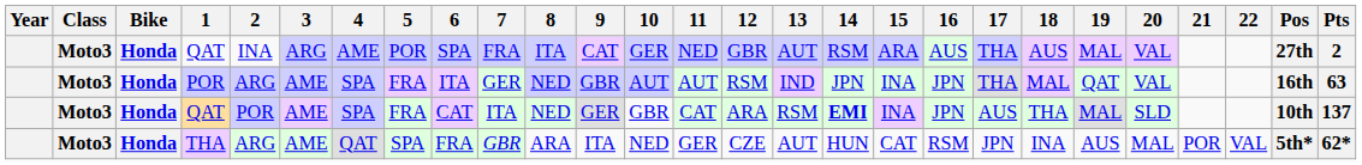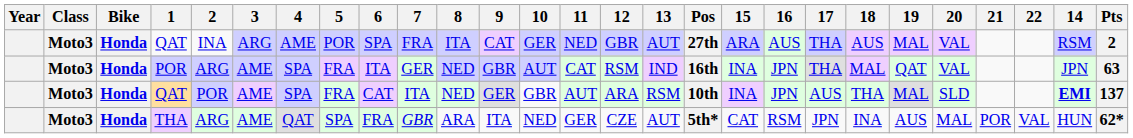 <table class="wikitable" style="text-align:center;">
 <tr>
 <th>Year</th>
 <th>Class</th>
 <th>Bike</th>
 <th>1</th>
 <th>2</th>
 <th>3</th>
 <th>4</th>
 <th>5</th>
 <th>6</th>
 <th>7</th>
 <th>8</th>
 <th>9</th>
 <th>10</th>
 <th>11</th>
 <th>12</th>
 <th>13</th>
-<th>14</th>
+<th>Pos</th>
 <th>15</th>
 <th>16</th>
 <th>17</th>
 <th>18</th>
 <th>19</th>
 <th>20</th>
 <th>21</th>
 <th>22</th>
-<th>Pos</th>
+<th>14</th>
 <th>Pts</th>
 </tr>
 <tr>
 <th></th>
 <th>Moto3</th>
 <th><a href='#'>Honda</a></th>
 <td><a href='#'>QAT</a></td>
 <td><a href='#'>INA</a></td>
 <td style="background:#CFCFFF;"><a href='#'>ARG</a><br></td>
 <td style="background:#CFCFFF;"><a href='#'>AME</a><br></td>
 <td style="background:#CFCFFF;"><a href='#'>POR</a><br></td>
 <td style="background:#CFCFFF;"><a href='#'>SPA</a><br></td>
 <td style="background:#CFCFFF;"><a href='#'>FRA</a><br></td>
 <td style="background:#CFCFFF;"><a href='#'>ITA</a><br></td>
 <td style="background:#EFCFFF;"><a href='#'>CAT</a><br></td>
 <td style="background:#CFCFFF;"><a href='#'>GER</a><br></td>
 <td style="background:#CFCFFF;"><a href='#'>NED</a><br></td>
 <td style="background:#CFCFFF;"><a href='#'>GBR</a><br></td>
 <td style="background:#CFCFFF;"><a href='#'>AUT</a><br></td>
-<td style="background:#CFCFFF;"><a href='#'>RSM</a><br></td>
+<th>27th</th>
 <td style="background:#CFCFFF;"><a href='#'>ARA</a><br></td>
 <td style="background:#DFFFDF;"><a href='#'>AUS</a><br></td>
 <td style="background:#CFCFFF;"><a href='#'>THA</a><br></td>
 <td style="background:#EFCFFF;"><a href='#'>AUS</a><br></td>
 <td style="background:#EFCFFF;"><a href='#'>MAL</a><br></td>
 <td style="background:#EFCFFF;"><a href='#'>VAL</a><br></td>
 <td></td>
 <td></td>
-<th>27th</th>
+<td style="background:#CFCFFF;"><a href='#'>RSM</a><br></td>
 <th>2</th>
 </tr>
 <tr>
 <th></th>
 <th>Moto3</th>
 <th><a href='#'>Honda</a></th>
 <td style="background:#CFCFFF;"><a href='#'>POR</a><br></td>
 <td style="background:#CFCFFF;"><a href='#'>ARG</a><br></td>
 <td style="background:#CFCFFF;"><a href='#'>AME</a><br></td>
 <td style="background:#CFCFFF;"><a href='#'>SPA</a><br></td>
 <td style="background:#EFCFFF;"><a href='#'>FRA</a><br></td>
 <td style="background:#EFCFFF;"><a href='#'>ITA</a><br></td>
 <td style="background:#DFFFDF;"><a href='#'>GER</a><br></td>
 <td style="background:#CFCFFF;"><a href='#'>NED</a><br></td>
 <td style="background:#CFCFFF;"><a href='#'>GBR</a><br></td>
 <td style="background:#CFCFFF;"><a href='#'>AUT</a><br></td>
-<td style="background:#DFFFDF;"><a href='#'>AUT</a><br></td>
+<td style="background:#DFFFDF;"><a href='#'>CAT</a><br></td>
 <td style="background:#DFFFDF;"><a href='#'>RSM</a><br></td>
 <td style="background:#EFCFFF;"><a href='#'>IND</a><br></td>
-<td style="background:#DFFFDF;"><a href='#'>JPN</a><br></td>
+<th>16th</th>
 <td style="background:#DFFFDF;"><a href='#'>INA</a><br></td>
 <td style="background:#DFFFDF;"><a href='#'>JPN</a><br></td>
 <td style="background:#DFDFDF;"><a href='#'>THA</a><br></td>
 <td style="background:#EFCFFF;"><a href='#'>MAL</a><br></td>
 <td style="background:#DFFFDF;"><a href='#'>QAT</a><br></td>
 <td style="background:#DFFFDF;"><a href='#'>VAL</a><br></td>
 <td></td>
 <td></td>
-<th>16th</th>
+<td style="background:#DFFFDF;"><a href='#'>JPN</a><br></td>
 <th>63</th>
 </tr>
 <tr>
 <th></th>
 <th>Moto3</th>
 <th><a href='#'>Honda</a></th>
 <td style="background:#FFDF9F;"><a href='#'>QAT</a><br></td>
 <td style="background:#CFCFFF;"><a href='#'>POR</a><br></td>
 <td style="background:#EFCFFF;"><a href='#'>AME</a><br></td>
 <td style="background:#CFCFFF;"><a href='#'>SPA</a><br></td>
 <td style="background:#DFFFDF;"><a href='#'>FRA</a><br></td>
 <td style="background:#EFCFFF;"><a href='#'>CAT</a><br></td>
 <td style="background:#DFFFDF;"><a href='#'>ITA</a><br></td>
 <td style="background:#DFFFDF;"><a href='#'>NED</a><br></td>
 <td style="background:#DFDFDF;"><a href='#'>GER</a><br></td>
 <td><a href='#'>GBR</a></td>
-<td style="background:#DFFFDF;"><a href='#'>CAT</a><br></td>
+<td style="background:#DFFFDF;"><a href='#'>AUT</a><br></td>
 <td style="background:#DFFFDF;"><a href='#'>ARA</a><br></td>
 <td style="background:#DFFFDF;"><a href='#'>RSM</a><br></td>
-<td style="background:#DFFFDF;"><strong><a href='#'>EMI</a></strong><br></td>
+<th>10th</th>
 <td style="background:#EFCFFF;"><a href='#'>INA</a><br></td>
 <td style="background:#DFFFDF;"><a href='#'>JPN</a><br></td>
 <td style="background:#DFFFDF;"><a href='#'>AUS</a><br></td>
 <td style="background:#DFFFDF;"><a href='#'>THA</a><br></td>
 <td style="background:#DFDFDF;"><a href='#'>MAL</a><br></td>
 <td style="background:#DFFFDF;"><a href='#'>SLD</a><br></td>
 <td></td>
 <td></td>
-<th>10th</th>
+<td style="background:#DFFFDF;"><strong><a href='#'>EMI</a></strong><br></td>
 <th>137</th>
 </tr>
 <tr>
 <th></th>
 <th>Moto3</th>
 <th><a href='#'>Honda</a></th>
 <td style="background:#EFCFFF;"><a href='#'>THA</a><br></td>
 <td style="background:#DFFFDF;"><a href='#'>ARG</a><br></td>
 <td style="background:#DFFFDF;"><a href='#'>AME</a><br></td>
 <td style="background:#DFDFDF;"><a href='#'>QAT</a><br></td>
 <td style="background:#DFFFDF;"><a href='#'>SPA</a><br></td>
 <td style="background:#DFFFDF;"><a href='#'>FRA</a><br></td>
 <td style="background:#DFFFDF;"><em><a href='#'>GBR</a></em><br></td>
 <td style="background:#;"><a href='#'>ARA</a><br></td>
 <td style="background:#;"><a href='#'>ITA</a><br></td>
 <td style="background:#;"><a href='#'>NED</a><br></td>
 <td style="background:#;"><a href='#'>GER</a><br></td>
 <td style="background:#;"><a href='#'>CZE</a><br></td>
 <td style="background:#;"><a href='#'>AUT</a><br></td>
-<td style="background:#;"><a href='#'>HUN</a><br></td>
+<th>5th*</th>
 <td style="background:#;"><a href='#'>CAT</a><br></td>
 <td style="background:#;"><a href='#'>RSM</a><br></td>
 <td style="background:#;"><a href='#'>JPN</a><br></td>
 <td style="background:#;"><a href='#'>INA</a><br></td>
 <td style="background:#;"><a href='#'>AUS</a><br></td>
 <td style="background:#;"><a href='#'>MAL</a><br></td>
 <td style="background:#;"><a href='#'>POR</a><br></td>
 <td style="background:#;"><a href='#'>VAL</a><br></td>
-<th>5th*</th>
+<td style="background:#;"><a href='#'>HUN</a><br></td>
 <th>62*</th>
 </tr>
 </table>
